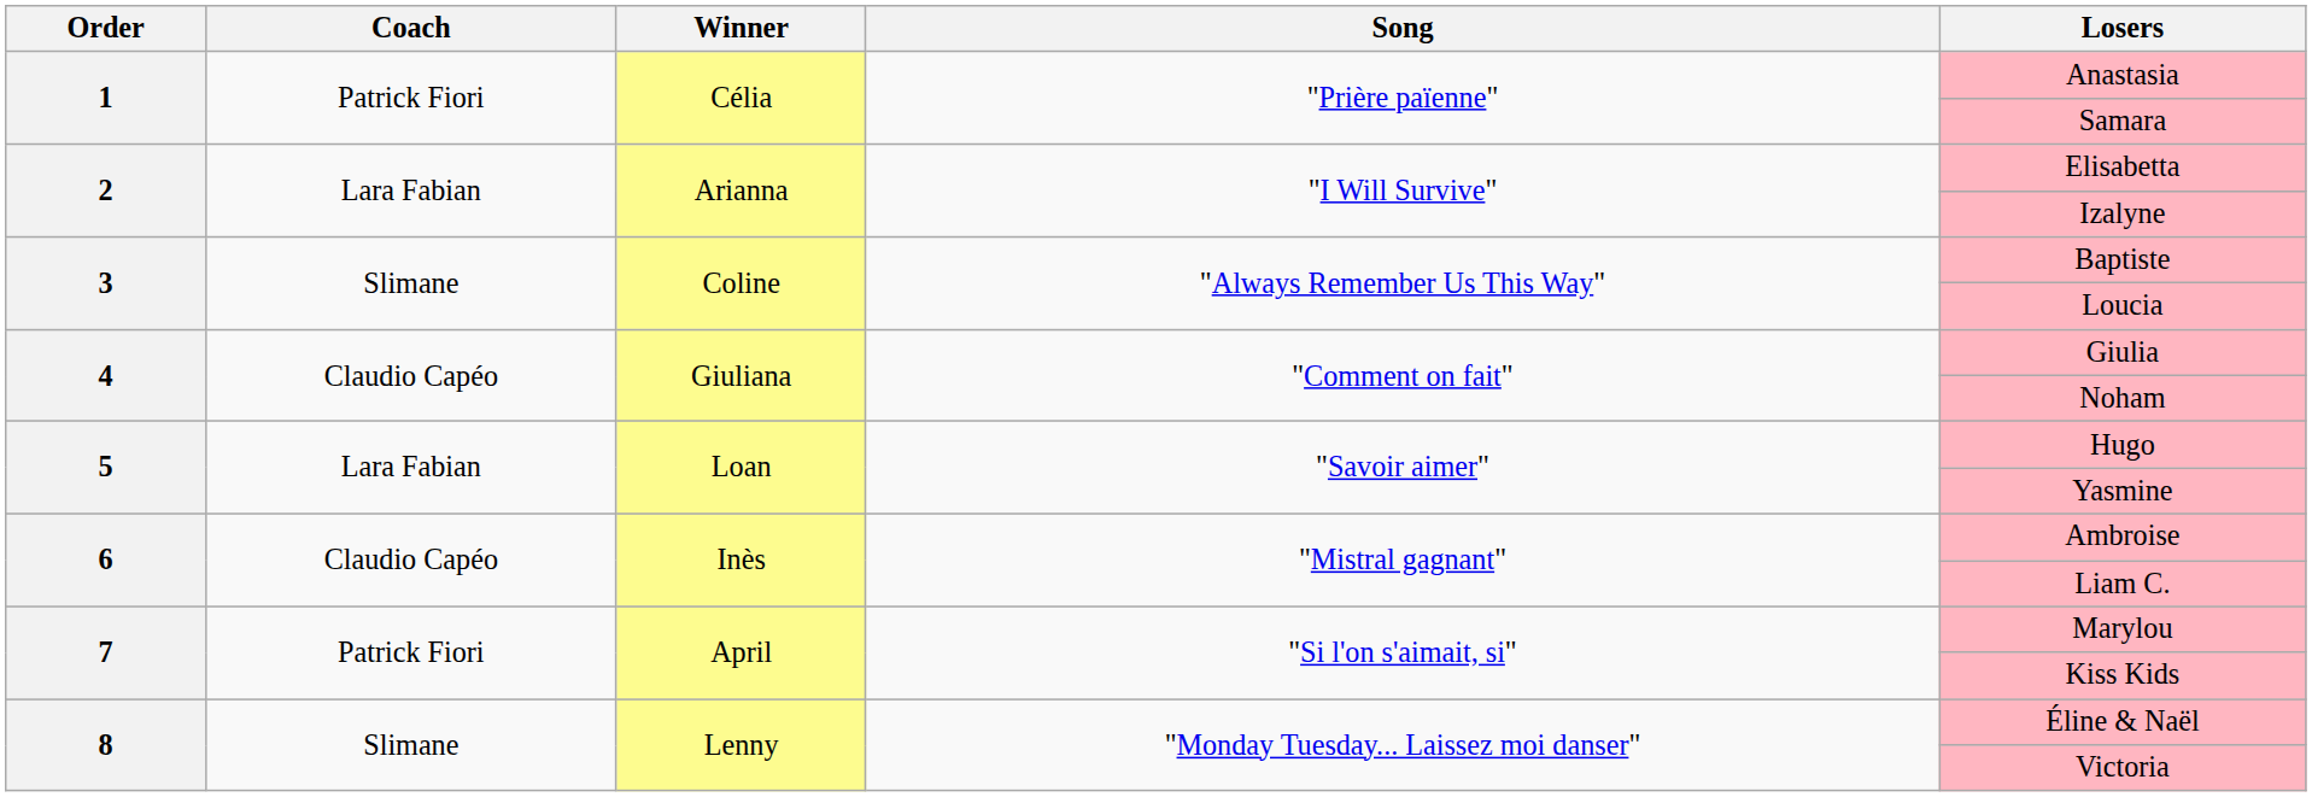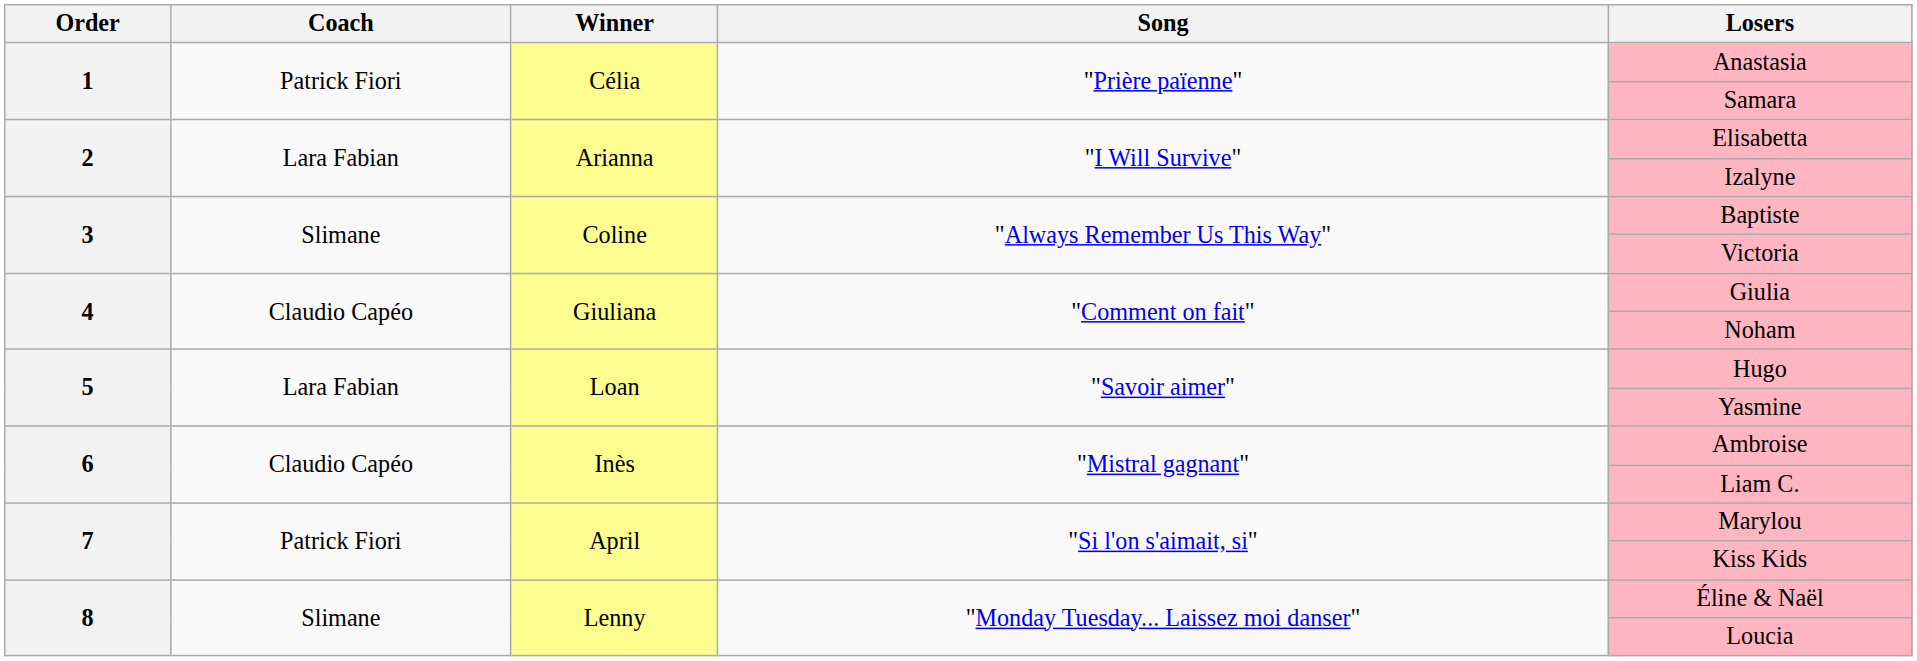 <table class="wikitable" style="text-align: center; width:100%;">
 <tr>
 <th scope="col">Order</th>
 <th scope="col">Coach</th>
 <th scope="col">Winner</th>
 <th scope="col">Song</th>
 <th scope="col">Losers</th>
 </tr>
 <tr>
 <th rowspan="2">1</th>
 <td rowspan="2" scope="row">Patrick Fiori</td>
 <td rowspan="2" style="background:#fdfc8f">Célia</td>
 <td rowspan="2">"<a href='#'>Prière païenne</a>"</td>
 <td style="background:lightpink">Anastasia</td>
 </tr>
 <tr>
 <td style="background:lightpink">Samara</td>
 </tr>
 <tr>
 <th rowspan="2">2</th>
 <td rowspan="2" scope="row">Lara Fabian</td>
 <td rowspan="2" style="background:#fdfc8f">Arianna</td>
 <td rowspan="2">"<a href='#'>I Will Survive</a>"</td>
 <td style="background:lightpink">Elisabetta</td>
 </tr>
 <tr>
 <td style="background:lightpink">Izalyne</td>
 </tr>
 <tr>
 <th rowspan="2">3</th>
 <td rowspan="2" scope="row">Slimane</td>
 <td rowspan="2" style="background:#fdfc8f">Coline</td>
 <td rowspan="2">"<a href='#'>Always Remember Us This Way</a>"</td>
 <td style="background:lightpink">Baptiste</td>
 </tr>
 <tr>
-<td style="background:lightpink">Loucia</td>
+<td style="background:lightpink">Victoria</td>
 </tr>
 <tr>
 <th rowspan="2">4</th>
 <td rowspan="2" scope="row">Claudio Capéo</td>
 <td rowspan="2" style="background:#fdfc8f">Giuliana</td>
 <td rowspan="2">"<a href='#'>Comment on fait</a>"</td>
 <td style="background:lightpink">Giulia</td>
 </tr>
 <tr>
 <td style="background:lightpink">Noham</td>
 </tr>
 <tr>
 <th rowspan="2">5</th>
 <td rowspan="2" scope="row">Lara Fabian</td>
 <td rowspan="2" style="background:#fdfc8f">Loan</td>
 <td rowspan="2">"<a href='#'>Savoir aimer</a>"</td>
 <td style="background:lightpink">Hugo</td>
 </tr>
 <tr>
 <td style="background:lightpink">Yasmine</td>
 </tr>
 <tr>
 <th rowspan="2">6</th>
 <td rowspan="2" scope="row">Claudio Capéo</td>
 <td rowspan="2" style="background:#fdfc8f">Inès</td>
 <td rowspan="2">"<a href='#'>Mistral gagnant</a>"</td>
 <td style="background:lightpink">Ambroise</td>
 </tr>
 <tr>
 <td style="background:lightpink">Liam C.</td>
 </tr>
 <tr>
 <th rowspan="2">7</th>
 <td rowspan="2" scope="row">Patrick Fiori</td>
 <td rowspan="2" style="background:#fdfc8f">April</td>
 <td rowspan="2">"<a href='#'>Si l'on s'aimait, si</a>"</td>
 <td style="background:lightpink">Marylou</td>
 </tr>
 <tr>
 <td style="background:lightpink">Kiss Kids</td>
 </tr>
 <tr>
 <th rowspan="2">8</th>
 <td rowspan="2" scope="row">Slimane</td>
 <td rowspan="2" style="background:#fdfc8f">Lenny</td>
 <td rowspan="2">"<a href='#'>Monday Tuesday... Laissez moi danser</a>"</td>
 <td style="background:lightpink">Éline & Naël</td>
 </tr>
 <tr>
-<td style="background:lightpink">Victoria</td>
+<td style="background:lightpink">Loucia</td>
 </tr>
 </table>
